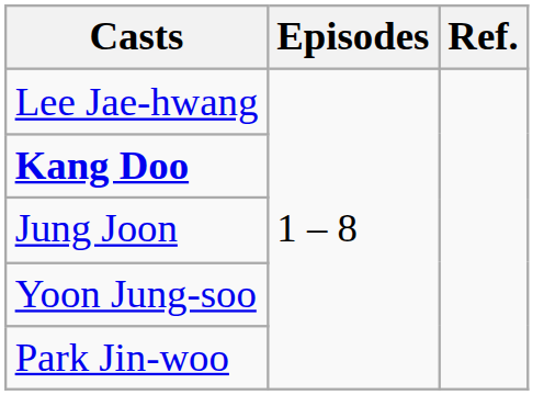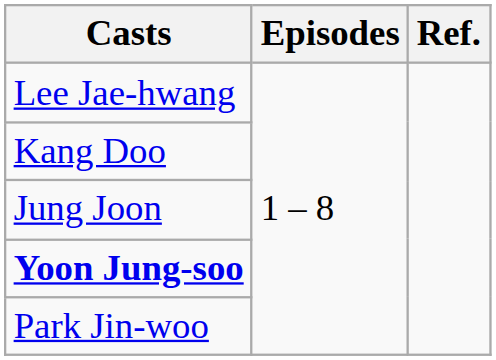 <table class="wikitable">
 <tr>
 <th>Casts</th>
 <th>Episodes</th>
 <th>Ref.</th>
 </tr>
 <tr>
 <td><a href='#'>Lee Jae-hwang</a></td>
 <td rowspan=5>1 – 8</td>
 <td rowspan=5></td>
 </tr>
 <tr>
-<td><strong><a href='#'>Kang Doo</a></strong></td>
+<td><a href='#'>Kang Doo</a></td>
 </tr>
 <tr>
 <td><a href='#'>Jung Joon</a></td>
 </tr>
 <tr>
-<td><a href='#'>Yoon Jung-soo</a></td>
+<td><strong><a href='#'>Yoon Jung-soo</a></strong></td>
 </tr>
 <tr>
 <td><a href='#'>Park Jin-woo</a></td>
 </tr>
 </table>
